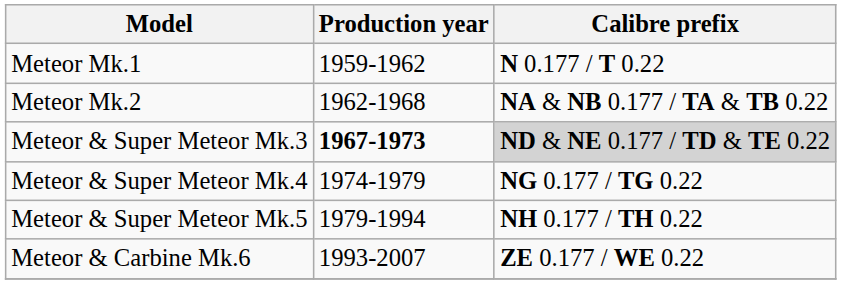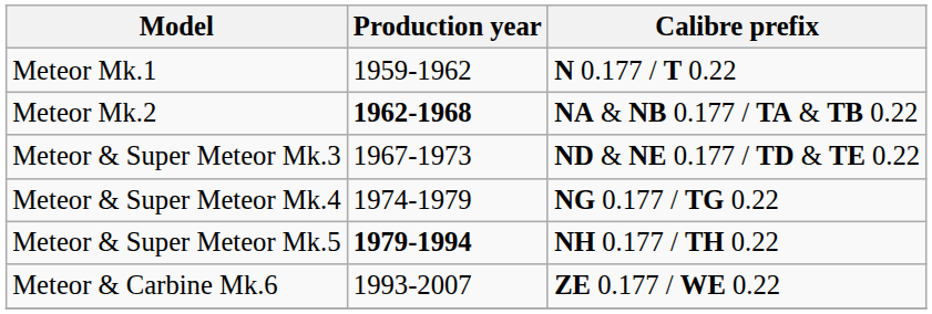 <table class="wikitable" style="margin: 1em auto 1em auto" border="">
 <tr>
 <th>Model</th>
 <th>Production year</th>
 <th>Calibre prefix</th>
 </tr>
 <tr>
 <td>Meteor Mk.1</td>
 <td>1959-1962</td>
 <td><strong>N</strong> 0.177 / <strong>T</strong> 0.22</td>
 </tr>
 <tr>
 <td>Meteor Mk.2</td>
-<td>1962-1968</td>
+<td><strong>1962-1968</strong></td>
 <td><strong>NA</strong> & <strong>NB</strong> 0.177 / <strong>TA</strong> & <strong>TB</strong> 0.22</td>
 </tr>
 <tr>
 <td>Meteor & Super Meteor Mk.3</td>
-<td><strong>1967-1973</strong></td>
-<td style="background: lightgrey;"><strong>ND</strong> & <strong>NE</strong> 0.177 / <strong>TD</strong> & <strong>TE</strong> 0.22</td>
+<td>1967-1973</td>
+<td><strong>ND</strong> & <strong>NE</strong> 0.177 / <strong>TD</strong> & <strong>TE</strong> 0.22</td>
 </tr>
 <tr>
 <td>Meteor & Super Meteor Mk.4</td>
 <td>1974-1979</td>
 <td><strong>NG</strong> 0.177 / <strong>TG</strong> 0.22</td>
 </tr>
 <tr>
 <td>Meteor & Super Meteor Mk.5</td>
-<td>1979-1994</td>
+<td><strong>1979-1994</strong></td>
 <td><strong>NH</strong> 0.177 / <strong>TH</strong> 0.22</td>
 </tr>
 <tr>
 <td>Meteor & Carbine Mk.6</td>
 <td>1993-2007</td>
 <td><strong>ZE</strong> 0.177 / <strong>WE</strong> 0.22</td>
 </tr>
 <tr>
 </tr>
 </table>
